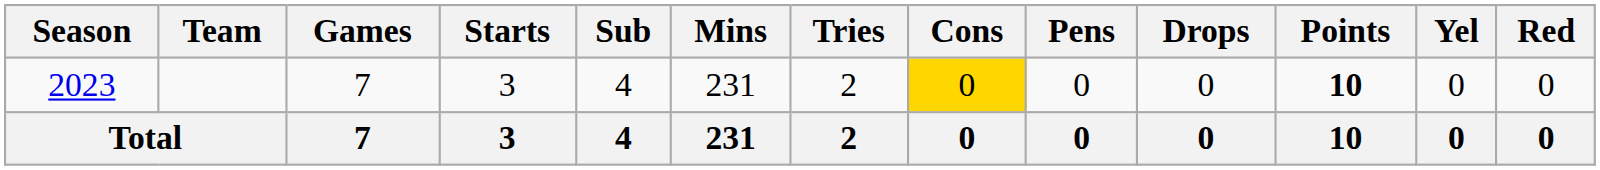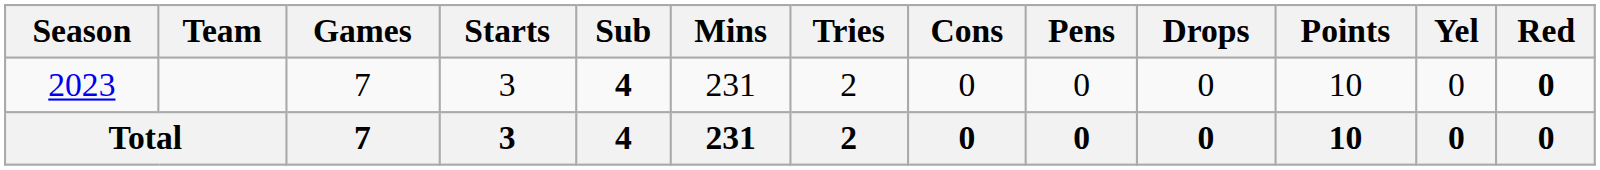 <table class="wikitable" style="text-align:center;width:60%;">
 <tr>
 <th>Season</th>
 <th>Team</th>
 <th>Games</th>
 <th>Starts</th>
 <th>Sub</th>
 <th>Mins</th>
 <th>Tries</th>
 <th>Cons</th>
 <th>Pens</th>
 <th>Drops</th>
 <th>Points</th>
 <th>Yel</th>
 <th>Red</th>
 </tr>
 <tr>
 <td><a href='#'>2023</a></td>
 <td></td>
 <td>7</td>
 <td>3</td>
-<td>4</td>
+<td><strong>4</strong></td>
 <td>231</td>
 <td>2</td>
-<td style="background: gold;">0</td>
 <td>0</td>
 <td>0</td>
-<td><strong>10</strong></td>
 <td>0</td>
+<td>10</td>
 <td>0</td>
+<td><strong>0</strong></td>
 </tr>
 <tr>
 <th colspan="2">Total</th>
 <th>7</th>
 <th>3</th>
 <th>4</th>
 <th>231</th>
 <th>2</th>
 <th>0</th>
 <th>0</th>
 <th>0</th>
 <th>10</th>
 <th>0</th>
 <th>0</th>
 </tr>
 </table>
